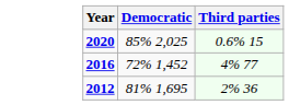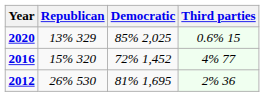 <table class="wikitable" style="float:right; font-size:95%;">
 <tr bgcolor=lightgrey>
 <th>Year</th>
+<th><a href='#'>Republican</a></th>
 <th><a href='#'>Democratic</a></th>
 <th><a href='#'>Third parties</a></th>
 </tr>
 <tr>
 <td style="text-align:center; "><strong><a href='#'>2020</a></strong></td>
+<td style="text-align:center; "><em>13%</em> <em>329</em></td>
 <td style="text-align:center; "><em>85%</em> <em>2,025</em></td>
 <td style="text-align:center; background:honeyDew;"><em>0.6%</em> <em>15</em></td>
 </tr>
 <tr>
 <td style="text-align:center; "><strong><a href='#'>2016</a></strong></td>
+<td style="text-align:center; "><em>15%</em> <em>320</em></td>
 <td style="text-align:center; "><em>72%</em> <em>1,452</em></td>
 <td style="text-align:center; background:honeyDew;"><em>4%</em> <em>77</em></td>
 </tr>
 <tr>
 <td style="text-align:center; "><strong><a href='#'>2012</a></strong></td>
+<td style="text-align:center; "><em>26%</em> <em>530</em></td>
 <td style="text-align:center; "><em>81%</em> <em>1,695</em></td>
 <td style="text-align:center; background:honeyDew;"><em>2%</em> <em>36</em></td>
 </tr>
 </table>
